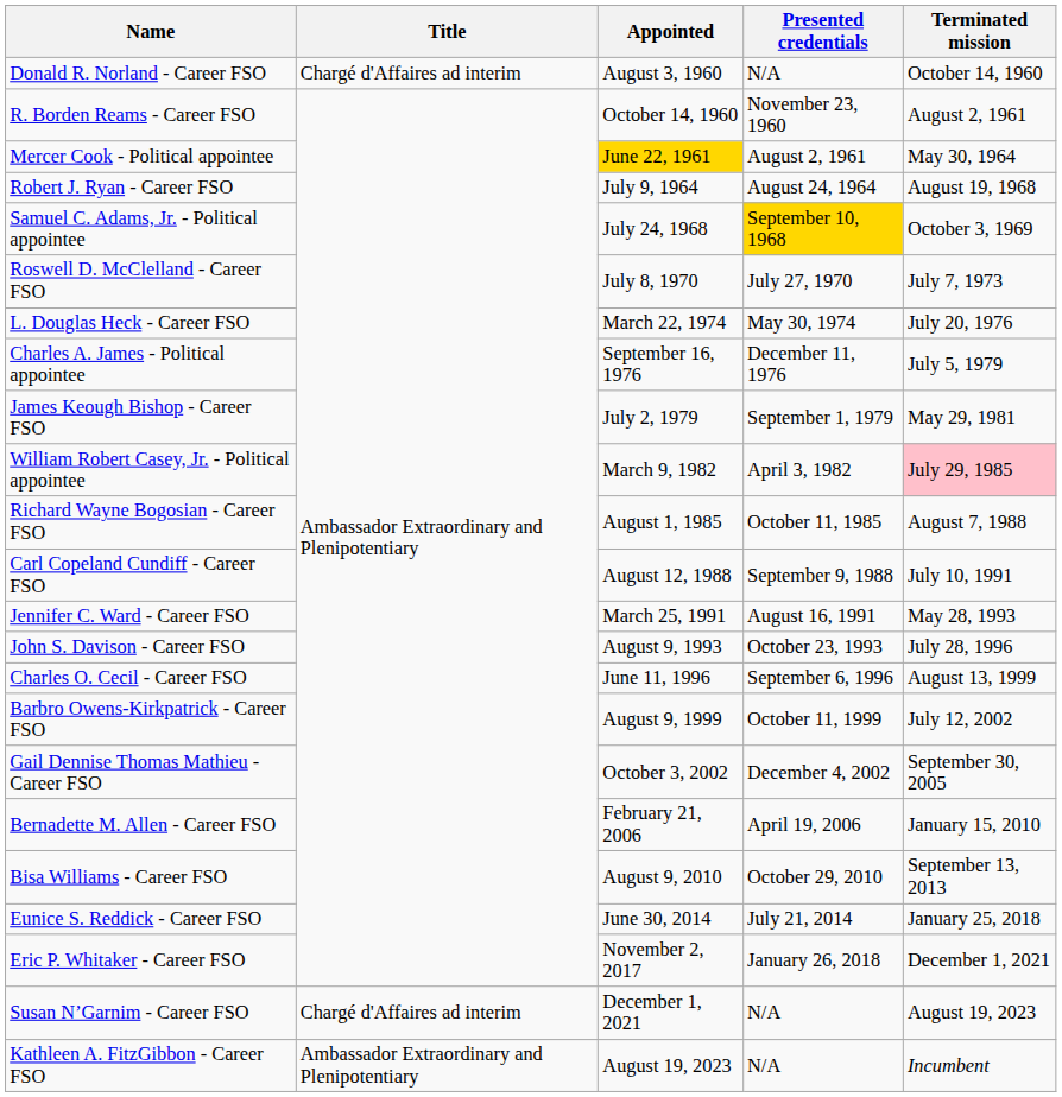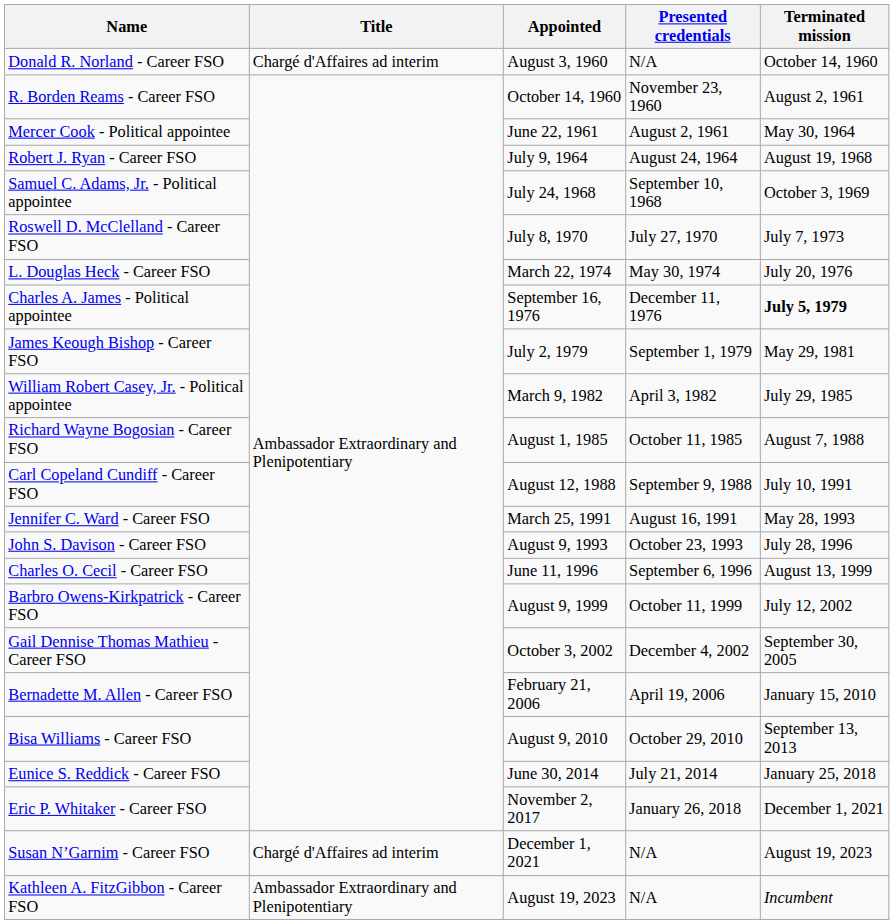 <table class="wikitable">
 <tr>
 <th>Name</th>
 <th>Title</th>
 <th>Appointed</th>
 <th><a href='#'>Presented credentials</a></th>
 <th>Terminated mission</th>
 </tr>
 <tr>
 <td><a href='#'>Donald R. Norland</a> - Career FSO</td>
 <td>Chargé d'Affaires ad interim</td>
 <td>August 3, 1960</td>
 <td>N/A</td>
 <td>October 14, 1960</td>
 </tr>
 <tr>
 <td><a href='#'>R. Borden Reams</a> - Career FSO</td>
 <td rowspan="20">Ambassador Extraordinary and Plenipotentiary</td>
 <td>October 14, 1960</td>
 <td>November 23, 1960</td>
 <td>August 2, 1961</td>
 </tr>
 <tr>
 <td><a href='#'>Mercer Cook</a> - Political appointee</td>
-<td style="background: gold;">June 22, 1961</td>
+<td>June 22, 1961</td>
 <td>August 2, 1961</td>
 <td>May 30, 1964</td>
 </tr>
 <tr>
 <td><a href='#'>Robert J. Ryan</a> - Career FSO</td>
 <td>July 9, 1964</td>
 <td>August 24, 1964</td>
 <td>August 19, 1968</td>
 </tr>
 <tr>
 <td><a href='#'>Samuel C. Adams, Jr.</a> - Political appointee</td>
 <td>July 24, 1968</td>
-<td style="background: gold;">September 10, 1968</td>
+<td>September 10, 1968</td>
 <td>October 3, 1969</td>
 </tr>
 <tr>
 <td><a href='#'>Roswell D. McClelland</a> - Career FSO</td>
 <td>July 8, 1970</td>
 <td>July 27, 1970</td>
 <td>July 7, 1973</td>
 </tr>
 <tr>
 <td><a href='#'>L. Douglas Heck</a> - Career FSO</td>
 <td>March 22, 1974</td>
 <td>May 30, 1974</td>
 <td>July 20, 1976</td>
 </tr>
 <tr>
 <td><a href='#'>Charles A. James</a> - Political appointee</td>
 <td>September 16, 1976</td>
 <td>December 11, 1976</td>
-<td>July 5, 1979</td>
+<td><strong>July 5, 1979</strong></td>
 </tr>
 <tr>
 <td><a href='#'>James Keough Bishop</a> - Career FSO</td>
 <td>July 2, 1979</td>
 <td>September 1, 1979</td>
 <td>May 29, 1981</td>
 </tr>
 <tr>
 <td><a href='#'>William Robert Casey, Jr.</a> - Political appointee</td>
 <td>March 9, 1982</td>
 <td>April 3, 1982</td>
-<td style="background: pink;">July 29, 1985</td>
+<td>July 29, 1985</td>
 </tr>
 <tr>
 <td><a href='#'>Richard Wayne Bogosian</a> - Career FSO</td>
 <td>August 1, 1985</td>
 <td>October 11, 1985</td>
 <td>August 7, 1988</td>
 </tr>
 <tr>
 <td><a href='#'>Carl Copeland Cundiff</a> - Career FSO</td>
 <td>August 12, 1988</td>
 <td>September 9, 1988</td>
 <td>July 10, 1991</td>
 </tr>
 <tr>
 <td><a href='#'>Jennifer C. Ward</a> - Career FSO</td>
 <td>March 25, 1991</td>
 <td>August 16, 1991</td>
 <td>May 28, 1993</td>
 </tr>
 <tr>
 <td><a href='#'>John S. Davison</a> - Career FSO</td>
 <td>August 9, 1993</td>
 <td>October 23, 1993</td>
 <td>July 28, 1996</td>
 </tr>
 <tr>
 <td><a href='#'>Charles O. Cecil</a> - Career FSO</td>
 <td>June 11, 1996</td>
 <td>September 6, 1996</td>
 <td>August 13, 1999</td>
 </tr>
 <tr>
 <td><a href='#'>Barbro Owens-Kirkpatrick</a> - Career FSO</td>
 <td>August 9, 1999</td>
 <td>October 11, 1999</td>
 <td>July 12, 2002</td>
 </tr>
 <tr>
 <td><a href='#'>Gail Dennise Thomas Mathieu</a> - Career FSO</td>
 <td>October 3, 2002</td>
 <td>December 4, 2002</td>
 <td>September 30, 2005</td>
 </tr>
 <tr>
 <td><a href='#'>Bernadette M. Allen</a> - Career FSO</td>
 <td>February 21, 2006</td>
 <td>April 19, 2006</td>
 <td>January 15, 2010</td>
 </tr>
 <tr>
 <td><a href='#'>Bisa Williams</a> - Career FSO</td>
 <td>August 9, 2010</td>
 <td>October 29, 2010</td>
 <td>September 13, 2013</td>
 </tr>
 <tr>
 <td><a href='#'>Eunice S. Reddick</a> - Career FSO</td>
 <td>June 30, 2014</td>
 <td>July 21, 2014</td>
 <td>January 25, 2018</td>
 </tr>
 <tr>
 <td><a href='#'>Eric P. Whitaker</a> - Career FSO</td>
 <td>November 2, 2017</td>
 <td>January 26, 2018</td>
 <td>December 1, 2021</td>
 </tr>
 <tr>
 <td><a href='#'>Susan N’Garnim</a> - Career FSO</td>
 <td>Chargé d'Affaires ad interim</td>
 <td>December 1, 2021</td>
 <td>N/A</td>
 <td>August 19, 2023</td>
 </tr>
 <tr>
 <td><a href='#'>Kathleen A. FitzGibbon</a> - Career FSO</td>
 <td>Ambassador Extraordinary and Plenipotentiary</td>
 <td>August 19, 2023</td>
 <td>N/A</td>
 <td><em>Incumbent</em></td>
 </tr>
 </table>
